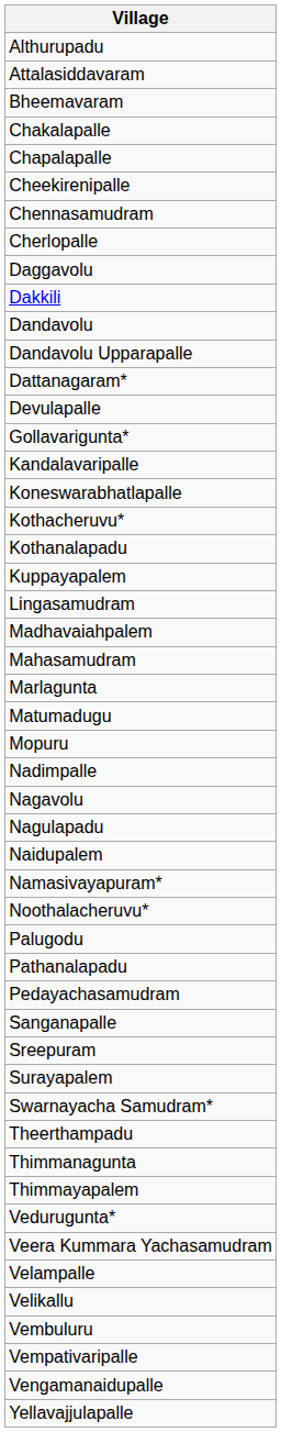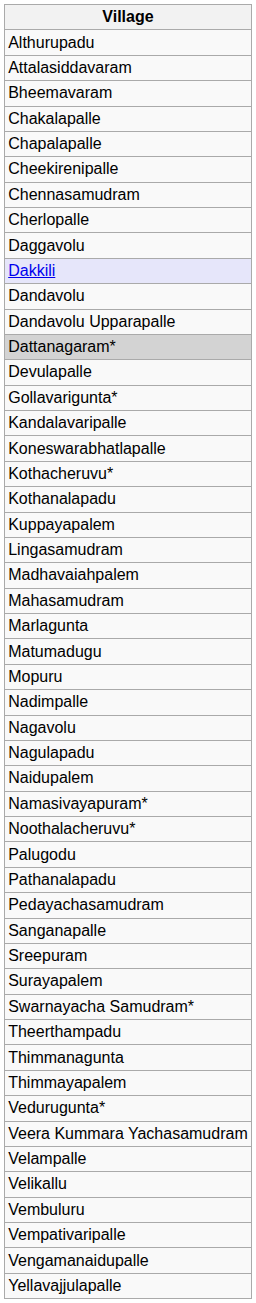 <table class="wikitable sortable static-row-numbers static-row-header-hash">
 <tr>
 <th>Village</th>
 </tr>
 <tr>
 <td>Althurupadu</td>
 </tr>
 <tr>
 <td>Attalasiddavaram</td>
 </tr>
 <tr>
 <td>Bheemavaram</td>
 </tr>
 <tr>
 <td>Chakalapalle</td>
 </tr>
 <tr>
 <td>Chapalapalle</td>
 </tr>
 <tr>
 <td>Cheekirenipalle</td>
 </tr>
 <tr>
 <td>Chennasamudram</td>
 </tr>
 <tr>
 <td>Cherlopalle</td>
 </tr>
 <tr>
 <td>Daggavolu</td>
 </tr>
 <tr>
-<td><a href='#'>Dakkili</a></td>
+<td style="background: lavender;"><a href='#'>Dakkili</a></td>
 </tr>
 <tr>
 <td>Dandavolu</td>
 </tr>
 <tr>
 <td>Dandavolu Upparapalle</td>
 </tr>
 <tr>
-<td>Dattanagaram*</td>
+<td style="background: lightgrey;">Dattanagaram*</td>
 </tr>
 <tr>
 <td>Devulapalle</td>
 </tr>
 <tr>
 <td>Gollavarigunta*</td>
 </tr>
 <tr>
 <td>Kandalavaripalle</td>
 </tr>
 <tr>
 <td>Koneswarabhatlapalle</td>
 </tr>
 <tr>
 <td>Kothacheruvu*</td>
 </tr>
 <tr>
 <td>Kothanalapadu</td>
 </tr>
 <tr>
 <td>Kuppayapalem</td>
 </tr>
 <tr>
 <td>Lingasamudram</td>
 </tr>
 <tr>
 <td>Madhavaiahpalem</td>
 </tr>
 <tr>
 <td>Mahasamudram</td>
 </tr>
 <tr>
 <td>Marlagunta</td>
 </tr>
 <tr>
 <td>Matumadugu</td>
 </tr>
 <tr>
 <td>Mopuru</td>
 </tr>
 <tr>
 <td>Nadimpalle</td>
 </tr>
 <tr>
 <td>Nagavolu</td>
 </tr>
 <tr>
 <td>Nagulapadu</td>
 </tr>
 <tr>
 <td>Naidupalem</td>
 </tr>
 <tr>
 <td>Namasivayapuram*</td>
 </tr>
 <tr>
 <td>Noothalacheruvu*</td>
 </tr>
 <tr>
 <td>Palugodu</td>
 </tr>
 <tr>
 <td>Pathanalapadu</td>
 </tr>
 <tr>
 <td>Pedayachasamudram</td>
 </tr>
 <tr>
 <td>Sanganapalle</td>
 </tr>
 <tr>
 <td>Sreepuram</td>
 </tr>
 <tr>
 <td>Surayapalem</td>
 </tr>
 <tr>
 <td>Swarnayacha Samudram*</td>
 </tr>
 <tr>
 <td>Theerthampadu</td>
 </tr>
 <tr>
 <td>Thimmanagunta</td>
 </tr>
 <tr>
 <td>Thimmayapalem</td>
 </tr>
 <tr>
 <td>Vedurugunta*</td>
 </tr>
 <tr>
 <td>Veera Kummara Yachasamudram</td>
 </tr>
 <tr>
 <td>Velampalle</td>
 </tr>
 <tr>
 <td>Velikallu</td>
 </tr>
 <tr>
 <td>Vembuluru</td>
 </tr>
 <tr>
 <td>Vempativaripalle</td>
 </tr>
 <tr>
 <td>Vengamanaidupalle</td>
 </tr>
 <tr>
 <td>Yellavajjulapalle</td>
 </tr>
 </table>
